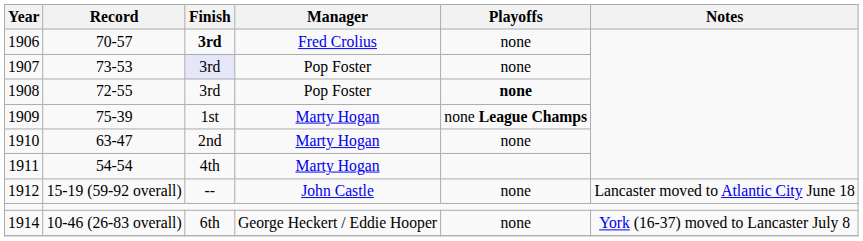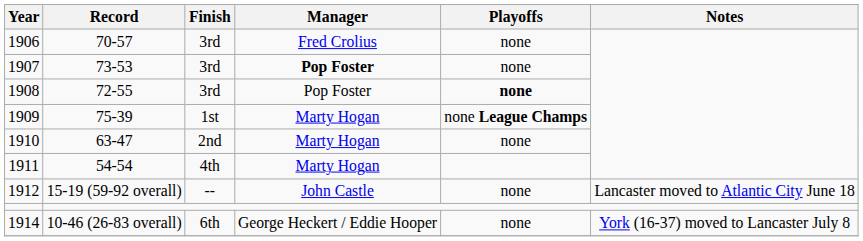 <table class="wikitable" style="text-align:center">
 <tr>
 <th>Year</th>
 <th>Record</th>
 <th>Finish</th>
 <th>Manager</th>
 <th>Playoffs</th>
 <th>Notes</th>
 </tr>
 <tr>
 <td>1906</td>
 <td>70-57</td>
-<td><strong>3rd</strong></td>
+<td>3rd</td>
 <td><a href='#'>Fred Crolius</a></td>
 <td>none</td>
 </tr>
 <tr>
 <td>1907</td>
 <td>73-53</td>
-<td style="background: lavender;">3rd</td>
-<td>Pop Foster</td>
+<td>3rd</td>
+<td><strong>Pop Foster</strong></td>
 <td>none</td>
 </tr>
 <tr>
 <td>1908</td>
 <td>72-55</td>
 <td>3rd</td>
 <td>Pop Foster</td>
 <td><strong>none</strong></td>
 </tr>
 <tr>
 <td>1909</td>
 <td>75-39</td>
 <td>1st</td>
 <td><a href='#'>Marty Hogan</a></td>
 <td>none    <strong>League Champs</strong></td>
 </tr>
 <tr>
 <td>1910</td>
 <td>63-47</td>
 <td>2nd</td>
 <td><a href='#'>Marty Hogan</a></td>
 <td>none</td>
 </tr>
 <tr>
 <td>1911</td>
 <td>54-54</td>
 <td>4th</td>
 <td><a href='#'>Marty Hogan</a></td>
 <td></td>
 </tr>
 <tr>
 <td>1912</td>
 <td>15-19 (59-92 overall)</td>
 <td>--</td>
 <td><a href='#'>John Castle</a></td>
 <td>none</td>
 <td>Lancaster moved to <a href='#'>Atlantic City</a> June 18</td>
 </tr>
 <tr>
 <td></td>
 </tr>
 <tr>
 <td>1914</td>
 <td>10-46 (26-83 overall)</td>
 <td>6th</td>
 <td>George Heckert / Eddie Hooper</td>
 <td>none</td>
 <td><a href='#'>York</a> (16-37) moved to Lancaster July 8</td>
 </tr>
 <tr>
 </tr>
 </table>
